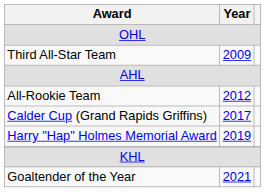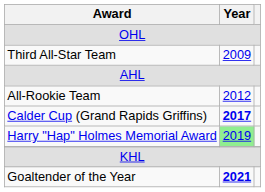 <table class="wikitable">
 <tr>
 <th>Award</th>
 <th>Year</th>
 <th></th>
 </tr>
 <tr ALIGN="center" bgcolor="#e0e0e0">
 <td colspan="3"><a href='#'>OHL</a></td>
 </tr>
 <tr>
 <td>Third All-Star Team</td>
 <td><a href='#'>2009</a></td>
 <td></td>
 </tr>
 <tr ALIGN="center" bgcolor="#e0e0e0">
 <td colspan="3"><a href='#'>AHL</a></td>
 </tr>
 <tr>
 <td>All-Rookie Team</td>
 <td><a href='#'>2012</a></td>
 <td></td>
 </tr>
 <tr>
 <td><a href='#'>Calder Cup</a> (Grand Rapids Griffins)</td>
-<td><a href='#'>2017</a></td>
+<td><strong><a href='#'>2017</a></strong></td>
 <td></td>
 </tr>
 <tr>
 <td><a href='#'>Harry "Hap" Holmes Memorial Award</a></td>
-<td><a href='#'>2019</a></td>
+<td style="background: lightgreen;"><a href='#'>2019</a></td>
 <td></td>
 </tr>
 <tr>
 </tr>
 <tr ALIGN="center" bgcolor="#e0e0e0">
 <td colspan="3"><a href='#'>KHL</a></td>
 </tr>
 <tr>
 <td>Goaltender of the Year</td>
-<td><a href='#'>2021</a></td>
+<td><strong><a href='#'>2021</a></strong></td>
 </tr>
 </table>
